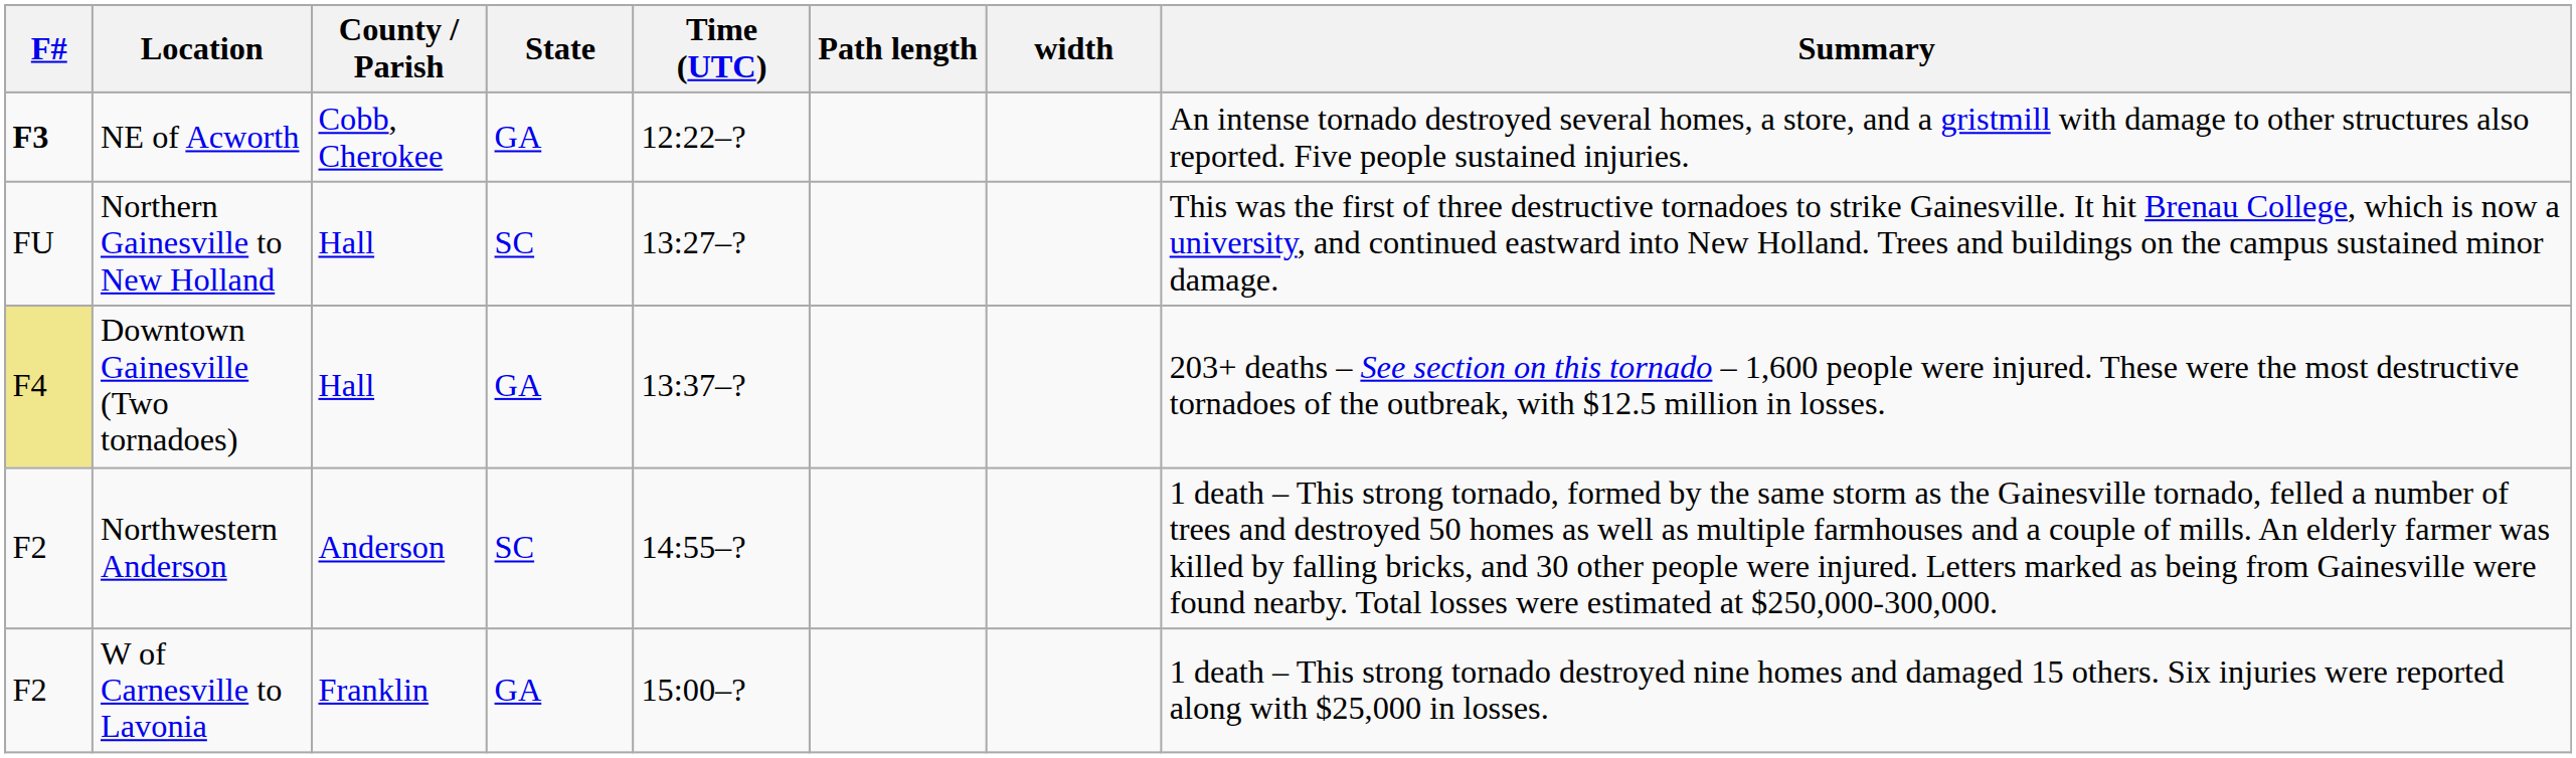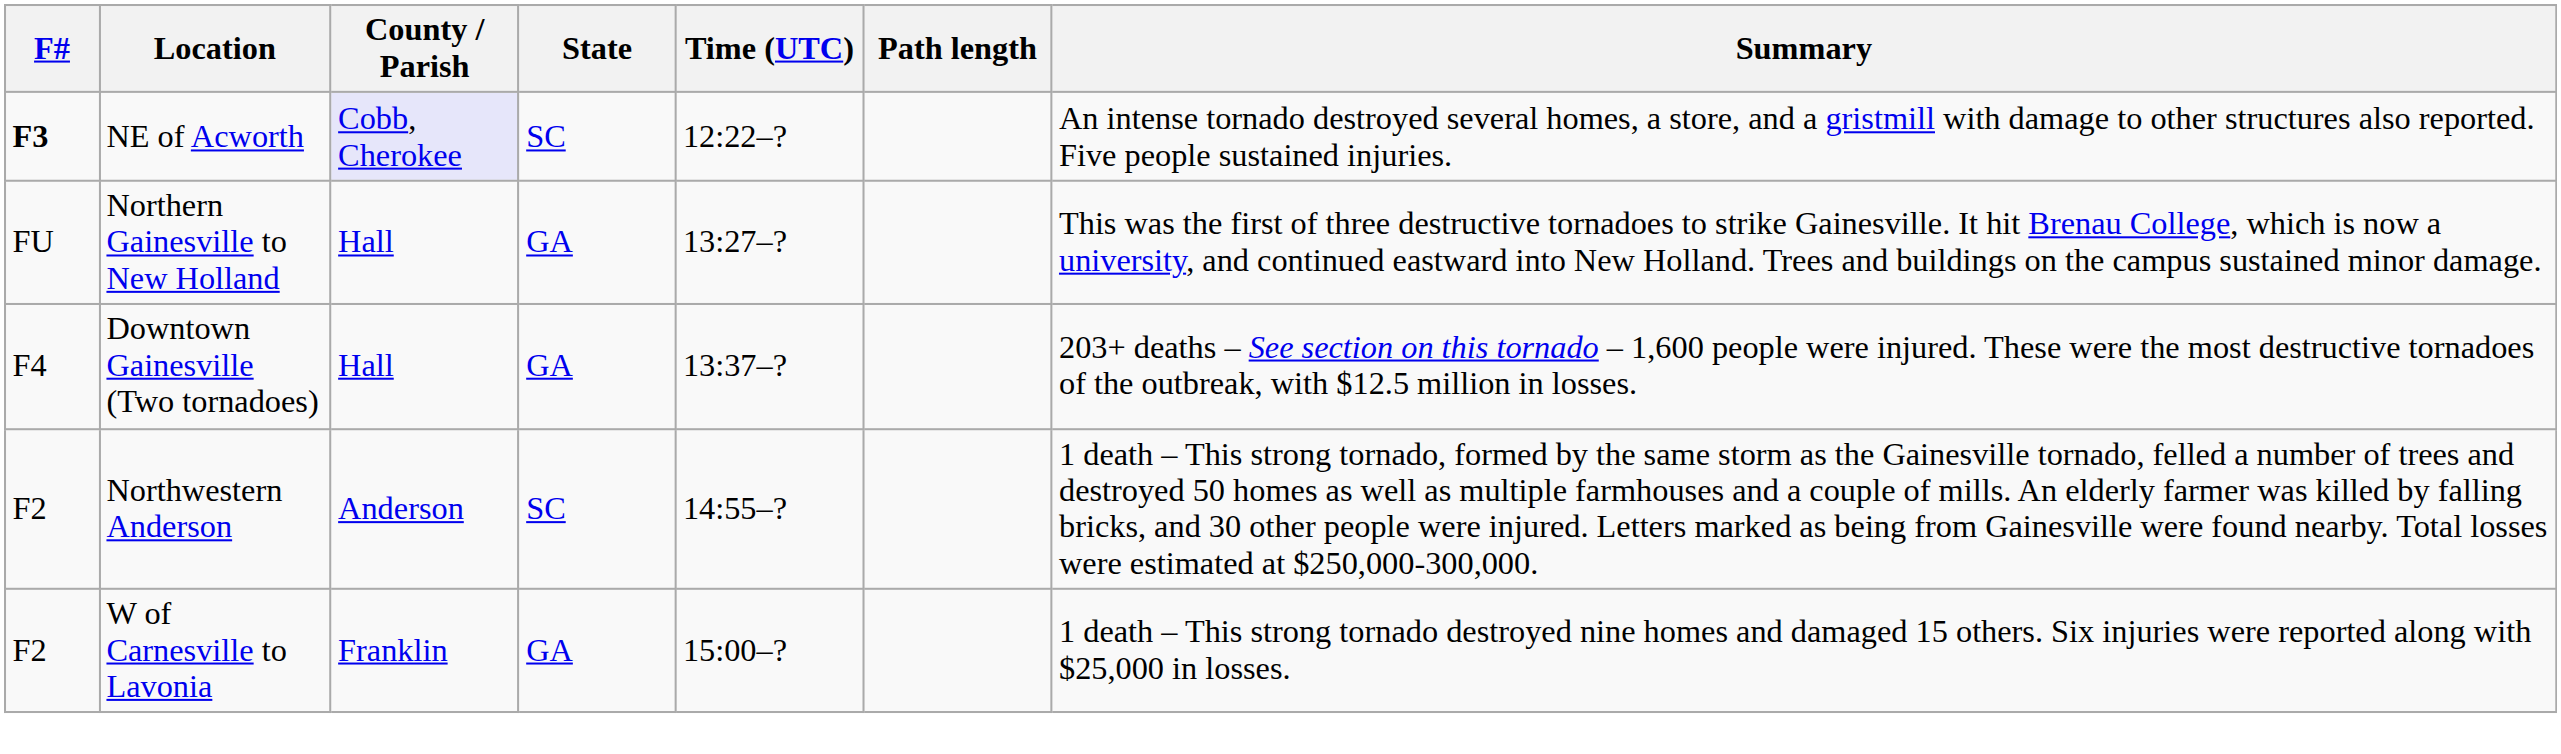 <table class="wikitable sortable" style="width:100%;">
 <tr>
 <th scope="col"  style="width:3%; text-align:center;"><a href='#'>F#</a></th>
 <th scope="col"  style="width:7%; text-align:center;" class="unsortable">Location</th>
 <th scope="col"  style="width:6%; text-align:center;" class="unsortable">County / Parish</th>
 <th scope="col"  style="width:5%; text-align:center;">State</th>
 <th scope="col"  style="width:6%; text-align:center;">Time (<a href='#'>UTC</a>)</th>
 <th scope="col"  style="width:6%; text-align:center;">Path length</th>
-<th scope="col"  style="width:6%; text-align:center;"> width</th>
 <th scope="col" class="unsortable" style="width:48%; text-align:center;">Summary</th>
 </tr>
 <tr>
 <td><strong>F3</strong></td>
 <td>NE of <a href='#'>Acworth</a></td>
-<td><a href='#'>Cobb</a>, <a href='#'>Cherokee</a></td>
-<td><a href='#'>GA</a></td>
+<td style="background: lavender;"><a href='#'>Cobb</a>, <a href='#'>Cherokee</a></td>
+<td><a href='#'>SC</a></td>
 <td>12:22–?</td>
-<td></td>
 <td></td>
 <td>An intense tornado destroyed several homes, a store, and a <a href='#'>gristmill</a> with damage to other structures also reported. Five people sustained injuries.</td>
 </tr>
 <tr>
 <td>FU</td>
 <td>Northern <a href='#'>Gainesville</a> to <a href='#'>New Holland</a></td>
 <td><a href='#'>Hall</a></td>
-<td><a href='#'>SC</a></td>
+<td><a href='#'>GA</a></td>
 <td>13:27–?</td>
-<td></td>
 <td></td>
 <td>This was the first of three destructive tornadoes to strike Gainesville. It hit <a href='#'>Brenau College</a>, which is now a <a href='#'>university</a>, and continued eastward into New Holland. Trees and buildings on the campus sustained minor damage.</td>
 </tr>
 <tr>
-<td style="background: khaki;">F4</td>
+<td>F4</td>
 <td>Downtown <a href='#'>Gainesville</a> (Two tornadoes)</td>
 <td><a href='#'>Hall</a></td>
 <td><a href='#'>GA</a></td>
 <td>13:37–?</td>
-<td></td>
 <td></td>
 <td>203+ deaths – <em><a href='#'>See section on this tornado</a></em> – 1,600 people were injured. These were the most destructive tornadoes of the outbreak, with $12.5 million in losses.</td>
 </tr>
 <tr>
 <td>F2</td>
 <td>Northwestern <a href='#'>Anderson</a></td>
 <td><a href='#'>Anderson</a></td>
 <td><a href='#'>SC</a></td>
 <td>14:55–?</td>
 <td></td>
-<td></td>
 <td>1 death – This strong tornado, formed by the same storm as the Gainesville tornado, felled a number of trees and destroyed 50 homes as well as multiple farmhouses and a couple of mills. An elderly farmer was killed by falling bricks, and 30 other people were injured. Letters marked as being from Gainesville were found nearby. Total losses were estimated at $250,000-300,000. </td>
 </tr>
 <tr>
 <td>F2</td>
 <td>W of <a href='#'>Carnesville</a> to <a href='#'>Lavonia</a></td>
 <td><a href='#'>Franklin</a></td>
 <td><a href='#'>GA</a></td>
 <td>15:00–?</td>
 <td></td>
-<td></td>
 <td>1 death – This strong tornado destroyed nine homes and damaged 15 others. Six injuries were reported along with $25,000 in losses.</td>
 </tr>
 </table>
